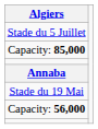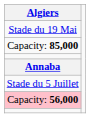 <table class="wikitable" style="text-align:center">
 <tr>
 <th><a href='#'>Algiers</a></th>
 <td rowspan="8"></td>
 </tr>
 <tr>
-<td><a href='#'>Stade du 5 Juillet</a></td>
+<td><a href='#'>Stade du 19 Mai</a></td>
 </tr>
 <tr>
 <td>Capacity: <strong>85,000</strong></td>
 </tr>
 <tr>
 <td></td>
 </tr>
 <tr>
 <th><a href='#'>Annaba</a></th>
 </tr>
 <tr>
-<td><a href='#'>Stade du 19 Mai</a></td>
+<td><a href='#'>Stade du 5 Juillet</a></td>
 </tr>
 <tr>
-<td>Capacity: <strong>56,000</strong></td>
+<td style="background: pink;">Capacity: <strong>56,000</strong></td>
 </tr>
 <tr>
 <td></td>
 </tr>
 </table>
